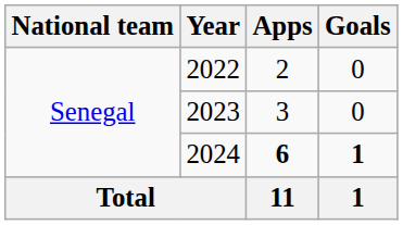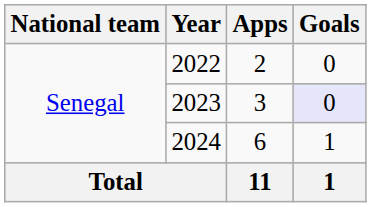 <table class="wikitable" style="text-align: center;">
 <tr>
 <th>National team</th>
 <th>Year</th>
 <th>Apps</th>
 <th>Goals</th>
 </tr>
 <tr>
 <td rowspan="3"><a href='#'>Senegal</a></td>
 <td>2022</td>
 <td>2</td>
 <td>0</td>
 </tr>
 <tr>
 <td>2023</td>
 <td>3</td>
-<td>0</td>
+<td style="background: lavender;">0</td>
 </tr>
 <tr>
 <td>2024</td>
-<td><strong>6</strong></td>
-<td><strong>1</strong></td>
+<td>6</td>
+<td>1</td>
 </tr>
 <tr>
 <th colspan="2">Total</th>
 <th>11</th>
 <th>1</th>
 </tr>
 </table>
